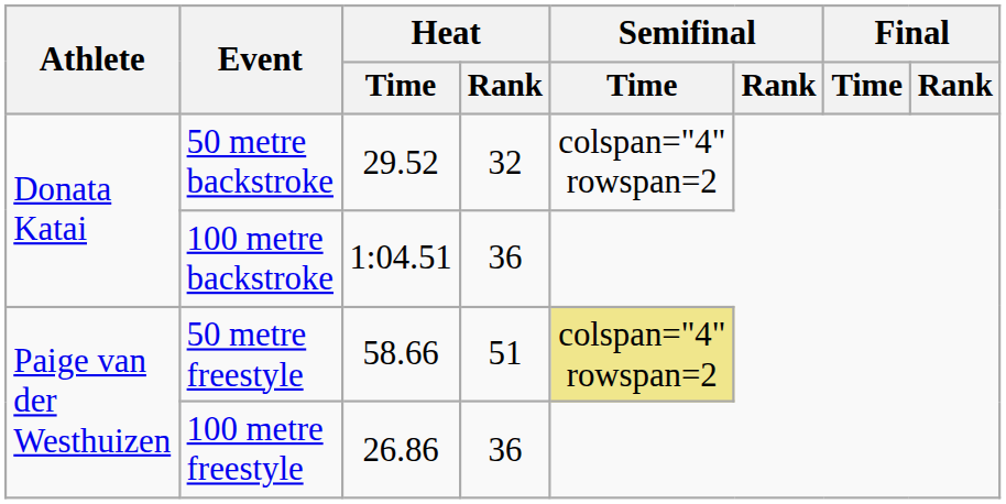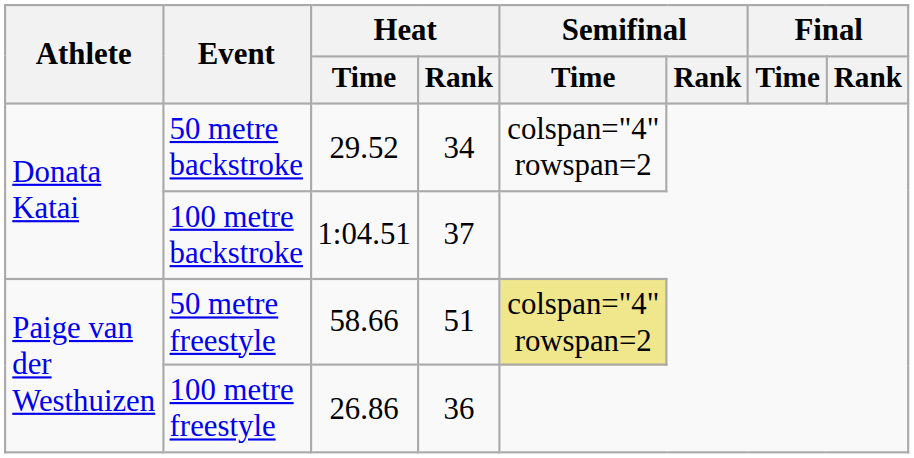 <table class="wikitable" style="text-align:center; font-size:90%; width:50%;">
 <tr>
 <th rowspan="2">Athlete</th>
 <th rowspan="2">Event</th>
 <th colspan="2">Heat</th>
 <th colspan="2">Semifinal</th>
 <th colspan="2">Final</th>
 </tr>
 <tr style="font-size:95%">
 <th>Time</th>
 <th>Rank</th>
 <th>Time</th>
 <th>Rank</th>
 <th>Time</th>
 <th>Rank</th>
 </tr>
 <tr>
 <td align=left rowspan=2><a href='#'>Donata Katai</a></td>
 <td align=left><a href='#'>50 metre backstroke</a></td>
 <td>29.52</td>
-<td>32</td>
+<td>34</td>
 <td>colspan="4" rowspan=2</td>
 </tr>
 <tr>
 <td align=left><a href='#'>100 metre backstroke</a></td>
 <td>1:04.51</td>
-<td>36</td>
+<td>37</td>
 </tr>
 <tr>
 <td align=left rowspan=2><a href='#'>Paige van der Westhuizen</a></td>
 <td align=left><a href='#'>50 metre freestyle</a></td>
 <td>58.66</td>
 <td>51</td>
 <td style="background: khaki;">colspan="4" rowspan=2 </td>
 </tr>
 <tr>
 <td align=left><a href='#'>100 metre freestyle</a></td>
 <td>26.86</td>
 <td>36</td>
 </tr>
 </table>
